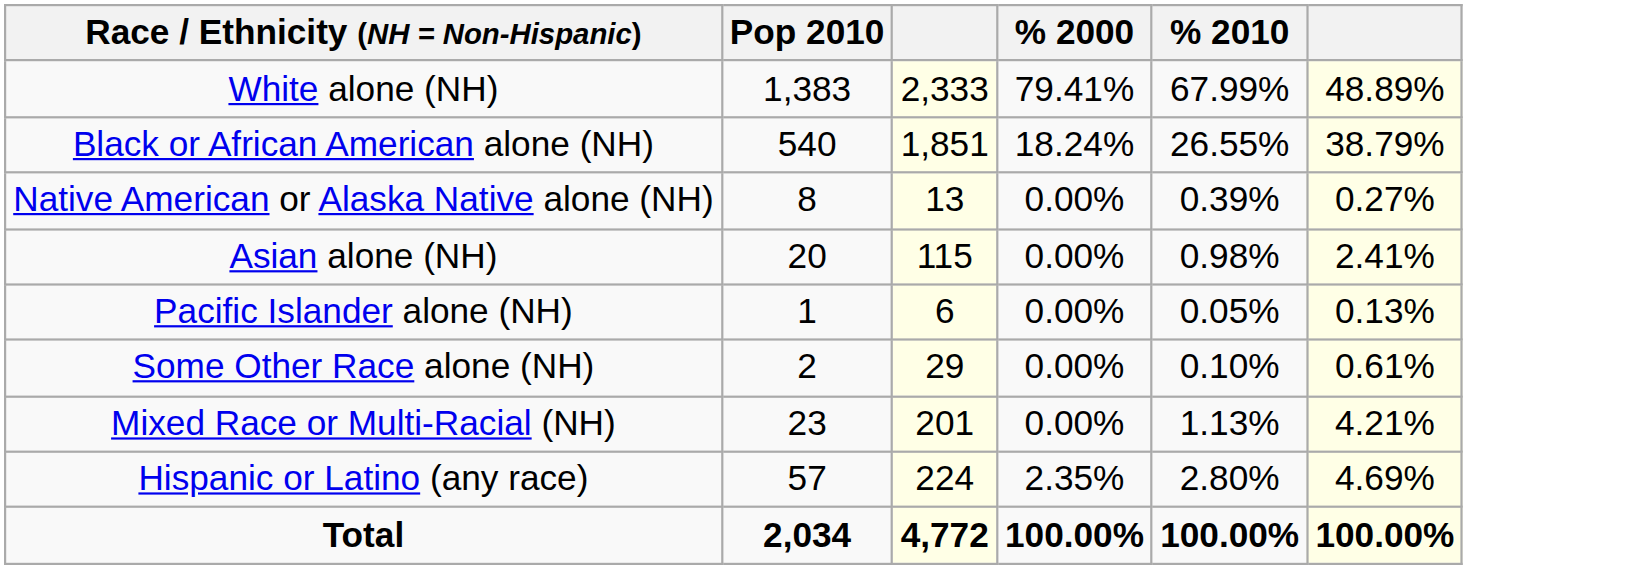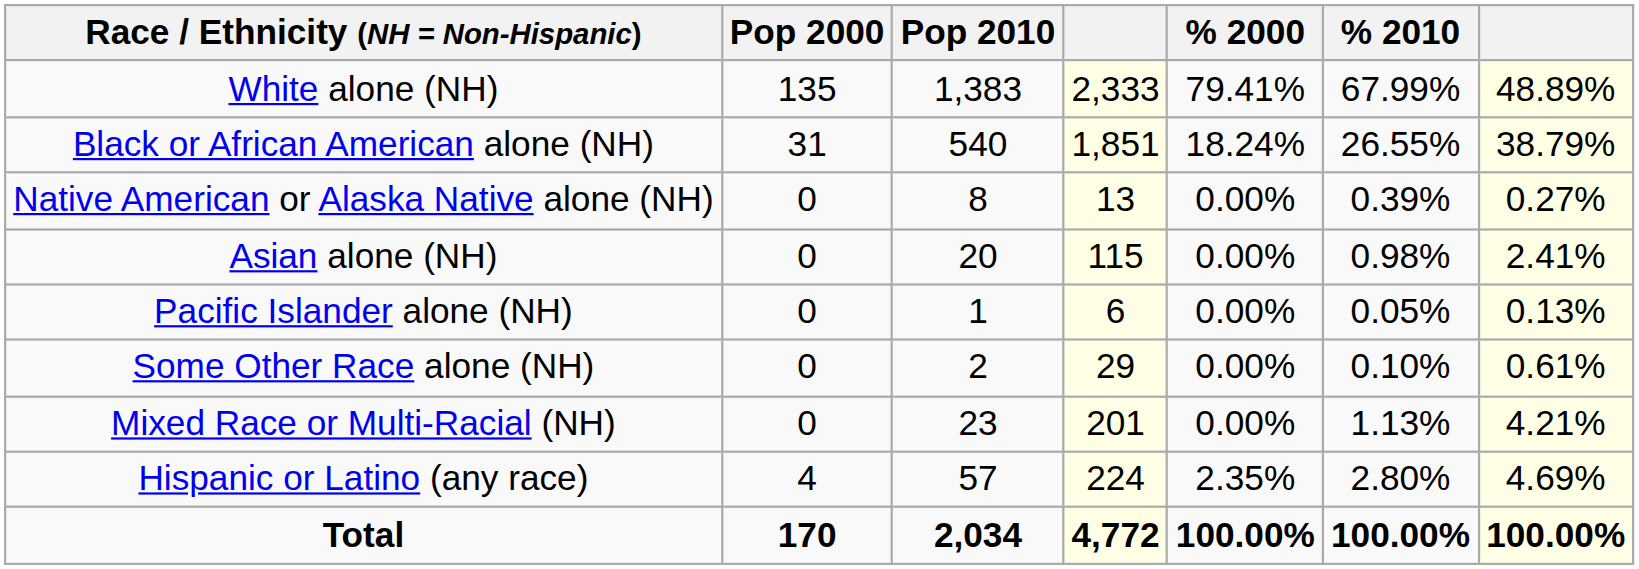 <table class="wikitable" style="text-align:center;">
 <tr>
 <th>Race / Ethnicity <small>(<em>NH = Non-Hispanic</em>)</small></th>
+<th>Pop 2000</th>
 <th>Pop 2010</th>
 <th></th>
 <th>% 2000</th>
 <th>% 2010</th>
 <th></th>
 </tr>
 <tr>
 <td><a href='#'>White</a> alone (NH)</td>
+<td>135</td>
 <td>1,383</td>
 <td style='background: #ffffe6;'>2,333</td>
 <td>79.41%</td>
 <td>67.99%</td>
 <td style='background: #ffffe6;'>48.89%</td>
 </tr>
 <tr>
 <td><a href='#'>Black or African American</a> alone (NH)</td>
+<td>31</td>
 <td>540</td>
 <td style='background: #ffffe6;'>1,851</td>
 <td>18.24%</td>
 <td>26.55%</td>
 <td style='background: #ffffe6;'>38.79%</td>
 </tr>
 <tr>
 <td><a href='#'>Native American</a> or <a href='#'>Alaska Native</a> alone (NH)</td>
+<td>0</td>
 <td>8</td>
 <td style='background: #ffffe6;'>13</td>
 <td>0.00%</td>
 <td>0.39%</td>
 <td style='background: #ffffe6;'>0.27%</td>
 </tr>
 <tr>
 <td><a href='#'>Asian</a> alone (NH)</td>
+<td>0</td>
 <td>20</td>
 <td style='background: #ffffe6;'>115</td>
 <td>0.00%</td>
 <td>0.98%</td>
 <td style='background: #ffffe6;'>2.41%</td>
 </tr>
 <tr>
 <td><a href='#'>Pacific Islander</a> alone (NH)</td>
+<td>0</td>
 <td>1</td>
 <td style='background: #ffffe6;'>6</td>
 <td>0.00%</td>
 <td>0.05%</td>
 <td style='background: #ffffe6;'>0.13%</td>
 </tr>
 <tr>
 <td><a href='#'>Some Other Race</a> alone (NH)</td>
+<td>0</td>
 <td>2</td>
 <td style='background: #ffffe6;'>29</td>
 <td>0.00%</td>
 <td>0.10%</td>
 <td style='background: #ffffe6;'>0.61%</td>
 </tr>
 <tr>
 <td><a href='#'>Mixed Race or Multi-Racial</a> (NH)</td>
+<td>0</td>
 <td>23</td>
 <td style='background: #ffffe6;'>201</td>
 <td>0.00%</td>
 <td>1.13%</td>
 <td style='background: #ffffe6;'>4.21%</td>
 </tr>
 <tr>
 <td><a href='#'>Hispanic or Latino</a> (any race)</td>
+<td>4</td>
 <td>57</td>
 <td style='background: #ffffe6;'>224</td>
 <td>2.35%</td>
 <td>2.80%</td>
 <td style='background: #ffffe6;'>4.69%</td>
 </tr>
 <tr>
 <td><strong>Total</strong></td>
+<td><strong>170</strong></td>
 <td><strong>2,034</strong></td>
 <td style='background: #ffffe6;'><strong>4,772</strong></td>
 <td><strong>100.00%</strong></td>
 <td><strong>100.00%</strong></td>
 <td style='background: #ffffe6;'><strong>100.00%</strong></td>
 </tr>
 </table>
